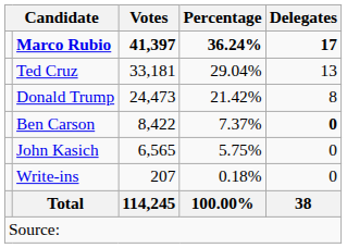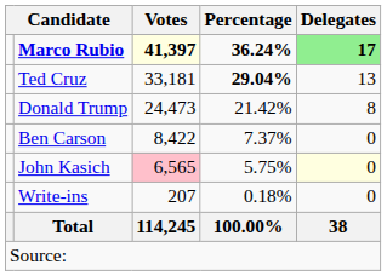 <table class="wikitable" style="text-align:right;">
 <tr>
 <th colspan="2">Candidate</th>
 <th>Votes</th>
 <th>Percentage</th>
 <th>Delegates</th>
 </tr>
 <tr>
 <td bgcolor=></td>
 <td style="text-align:left;"><strong><a href='#'>Marco Rubio</a></strong></td>
-<td><strong>41,397</strong></td>
+<td style="background: lightyellow;"><strong>41,397</strong></td>
 <td><strong>36.24%</strong></td>
-<td><strong>17</strong></td>
+<td style="background: lightgreen;"><strong>17</strong></td>
 </tr>
 <tr>
 <td bgcolor=></td>
 <td style="text-align:left;"><a href='#'>Ted Cruz</a></td>
 <td>33,181</td>
-<td>29.04%</td>
+<td><strong>29.04%</strong></td>
 <td>13</td>
 </tr>
 <tr>
 <td bgcolor=></td>
 <td style="text-align:left;"><a href='#'>Donald Trump</a></td>
 <td>24,473</td>
 <td>21.42%</td>
 <td>8</td>
 </tr>
 <tr>
 <td bgcolor=></td>
 <td style="text-align:left;"><a href='#'>Ben Carson</a></td>
 <td>8,422</td>
 <td>7.37%</td>
-<td><strong>0</strong></td>
+<td>0</td>
 </tr>
 <tr>
 <td bgcolor=></td>
 <td style="text-align:left;"><a href='#'>John Kasich</a></td>
-<td>6,565</td>
+<td style="background: pink;">6,565</td>
 <td>5.75%</td>
-<td>0</td>
+<td style="background: lightyellow;">0</td>
 </tr>
 <tr>
 <td bgcolor=></td>
 <td style="text-align:left;"><a href='#'>Write-ins</a></td>
 <td>207</td>
 <td>0.18%</td>
 <td>0</td>
 </tr>
 <tr>
 <th></th>
 <th>Total</th>
 <th>114,245</th>
 <th>100.00%</th>
 <th>38</th>
 </tr>
 <tr>
 <td colspan="5" style="text-align:left;">Source: </td>
 </tr>
 </table>
